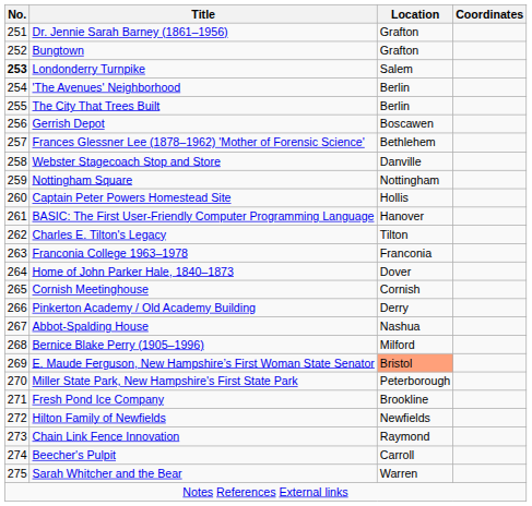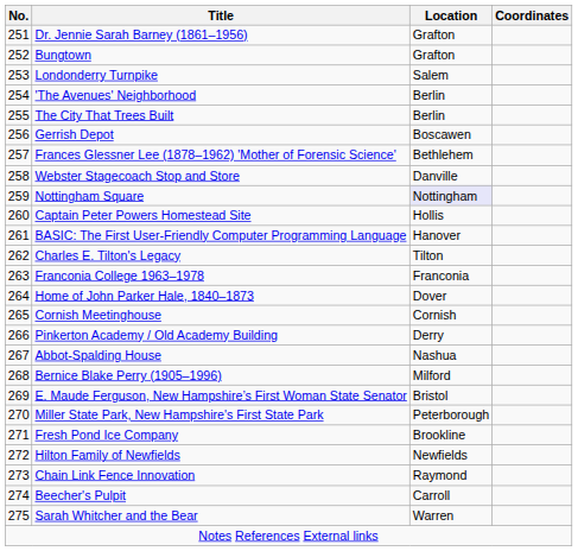 <table class="wikitable" style="text-align:left; font-size: 95%;">
 <tr>
 <th>No.</th>
 <th>Title</th>
 <th>Location</th>
 <th>Coordinates</th>
 </tr>
 <tr>
 <td>251</td>
 <td><a href='#'>Dr. Jennie Sarah Barney (1861–1956)</a></td>
 <td>Grafton</td>
 <td></td>
 </tr>
 <tr>
 <td>252</td>
 <td><a href='#'>Bungtown</a></td>
 <td>Grafton</td>
 <td></td>
 </tr>
 <tr>
-<td><strong>253</strong></td>
+<td>253</td>
 <td><a href='#'>Londonderry Turnpike</a></td>
 <td>Salem</td>
 <td></td>
 </tr>
 <tr>
 <td>254</td>
 <td><a href='#'>'The Avenues' Neighborhood</a></td>
 <td>Berlin</td>
 <td></td>
 </tr>
 <tr>
 <td>255</td>
 <td><a href='#'>The City That Trees Built</a></td>
 <td>Berlin</td>
 <td></td>
 </tr>
 <tr>
 <td>256</td>
 <td><a href='#'>Gerrish Depot</a></td>
 <td>Boscawen</td>
 <td></td>
 </tr>
 <tr>
 <td>257</td>
 <td><a href='#'>Frances Glessner Lee (1878–1962) 'Mother of Forensic Science'</a></td>
 <td>Bethlehem</td>
 <td></td>
 </tr>
 <tr>
 <td>258</td>
 <td><a href='#'>Webster Stagecoach Stop and Store</a></td>
 <td>Danville</td>
 <td></td>
 </tr>
 <tr>
 <td>259</td>
 <td><a href='#'>Nottingham Square</a></td>
-<td>Nottingham</td>
+<td style="background: lavender;">Nottingham</td>
 <td></td>
 </tr>
 <tr>
 <td>260</td>
 <td><a href='#'>Captain Peter Powers Homestead Site</a></td>
 <td>Hollis</td>
 <td></td>
 </tr>
 <tr>
 <td>261</td>
 <td><a href='#'>BASIC: The First User-Friendly Computer Programming Language</a></td>
 <td>Hanover</td>
 <td></td>
 </tr>
 <tr>
 <td>262</td>
 <td><a href='#'>Charles E. Tilton's Legacy</a></td>
 <td>Tilton</td>
 <td></td>
 </tr>
 <tr>
 <td>263</td>
 <td><a href='#'>Franconia College 1963–1978</a></td>
 <td>Franconia</td>
 <td></td>
 </tr>
 <tr>
 <td>264</td>
 <td><a href='#'>Home of John Parker Hale, 1840–1873</a></td>
 <td>Dover</td>
 <td></td>
 </tr>
 <tr>
 <td>265</td>
 <td><a href='#'>Cornish Meetinghouse</a></td>
 <td>Cornish</td>
 <td></td>
 </tr>
 <tr>
 <td>266</td>
 <td><a href='#'>Pinkerton Academy / Old Academy Building</a></td>
 <td>Derry</td>
 <td></td>
 </tr>
 <tr>
 <td>267</td>
 <td><a href='#'>Abbot-Spalding House</a></td>
 <td>Nashua</td>
 <td></td>
 </tr>
 <tr>
 <td>268</td>
 <td><a href='#'>Bernice Blake Perry (1905–1996)</a></td>
 <td>Milford</td>
 <td></td>
 </tr>
 <tr>
 <td>269</td>
 <td><a href='#'>E. Maude Ferguson, New Hampshire’s First Woman State Senator</a></td>
-<td style="background: lightsalmon;">Bristol</td>
+<td>Bristol</td>
 <td></td>
 </tr>
 <tr>
 <td>270</td>
 <td><a href='#'>Miller State Park, New Hampshire's First State Park</a></td>
 <td>Peterborough</td>
 <td></td>
 </tr>
 <tr>
 <td>271</td>
 <td><a href='#'>Fresh Pond Ice Company</a></td>
 <td>Brookline</td>
 <td></td>
 </tr>
 <tr>
 <td>272</td>
 <td><a href='#'>Hilton Family of Newfields</a></td>
 <td>Newfields</td>
 <td></td>
 </tr>
 <tr>
 <td>273</td>
 <td><a href='#'>Chain Link Fence Innovation</a></td>
 <td>Raymond</td>
 <td></td>
 </tr>
 <tr>
 <td>274</td>
 <td><a href='#'>Beecher's Pulpit</a></td>
 <td>Carroll</td>
 <td></td>
 </tr>
 <tr>
 <td>275</td>
 <td><a href='#'>Sarah Whitcher and the Bear</a></td>
 <td>Warren</td>
 <td></td>
 </tr>
 <tr>
 <td colspan=4 align=center><a href='#'>Notes</a>  <a href='#'>References</a>  <a href='#'>External links</a></td>
 </tr>
 </table>
